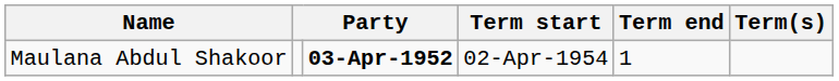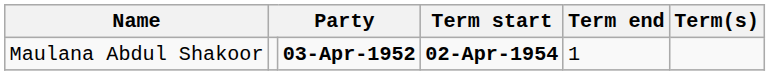 <table class="wikitable sortable">
 <tr>
 <th>Name</th>
 <th colspan="2">Party</th>
 <th>Term start</th>
 <th>Term end</th>
 <th>Term(s)</th>
 </tr>
 <tr>
 <td>Maulana Abdul Shakoor</td>
 <td></td>
 <td><strong>03-Apr-1952</strong></td>
-<td>02-Apr-1954</td>
+<td><strong>02-Apr-1954</strong></td>
 <td>1</td>
 </tr>
 </table>
